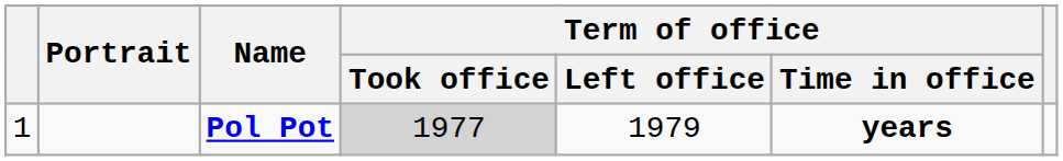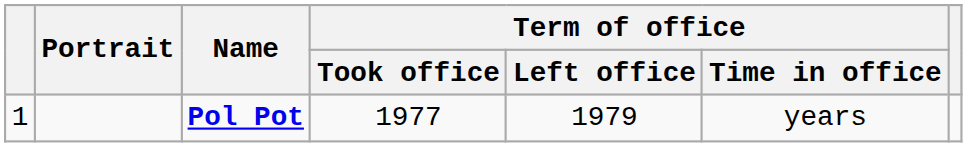 <table class="wikitable" style="text-align:center">
 <tr>
 <th rowspan=2></th>
 <th rowspan=2>Portrait</th>
 <th rowspan=2>Name<br></th>
 <th colspan=3>Term of office</th>
 <th rowspan=2></th>
 </tr>
 <tr>
 <th>Took office</th>
 <th>Left office</th>
 <th>Time in office</th>
 </tr>
 <tr>
 <td>1</td>
 <td></td>
 <td><strong><a href='#'>Pol Pot</a></strong><br></td>
-<td style="background: lightgrey;">1977</td>
+<td>1977</td>
 <td>1979</td>
-<td><strong> years</strong></td>
+<td> years</td>
 <td></td>
 </tr>
 </table>
